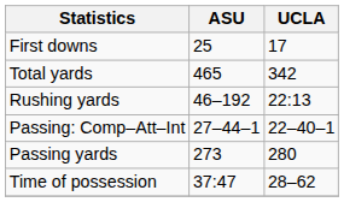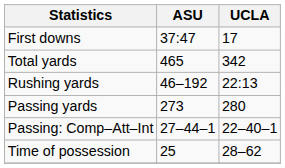 <table class="wikitable" style="float: left;">
 <tr>
 <th>Statistics</th>
 <th>ASU</th>
 <th>UCLA</th>
 </tr>
 <tr>
 <td>First downs</td>
-<td>25</td>
+<td>37:47</td>
 <td>17</td>
 </tr>
 <tr>
 <td>Total yards</td>
 <td>465</td>
 <td>342</td>
 </tr>
 <tr>
 <td>Rushing yards</td>
 <td>46–192</td>
 <td>22:13</td>
 </tr>
 <tr>
+<td>Passing yards</td>
+<td>273</td>
+<td>280</td>
+</tr>
+<tr>
 <td>Passing: Comp–Att–Int</td>
 <td>27–44–1</td>
 <td>22–40–1</td>
 </tr>
 <tr>
-<td>Passing yards</td>
-<td>273</td>
-<td>280</td>
-</tr>
-<tr>
 <td>Time of possession</td>
-<td>37:47</td>
+<td>25</td>
 <td>28–62</td>
 </tr>
 <tr>
 </tr>
 </table>
